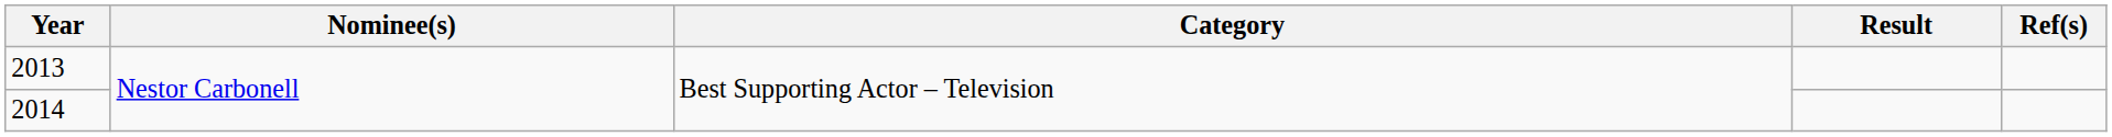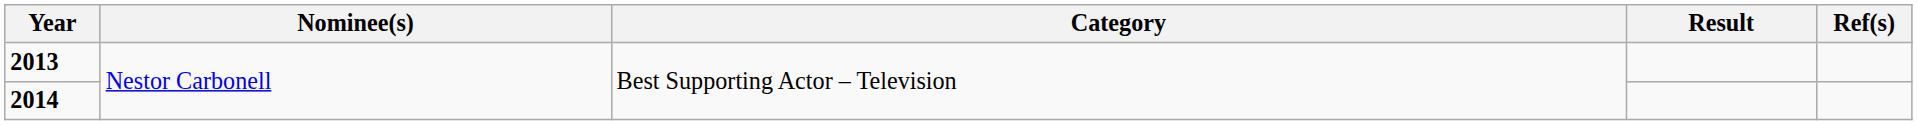 <table class="wikitable" width=100%>
 <tr>
 <th width=5%>Year</th>
 <th>Nominee(s)</th>
 <th>Category</th>
 <th width=10%>Result</th>
 <th width=5%>Ref(s)</th>
 </tr>
 <tr>
-<td>2013</td>
+<td><strong>2013</strong></td>
 <td rowspan=2><a href='#'>Nestor Carbonell</a></td>
 <td rowspan=2>Best Supporting Actor – Television</td>
 <td></td>
 <td></td>
 </tr>
 <tr>
-<td>2014</td>
+<td><strong>2014</strong></td>
 <td></td>
 <td></td>
 </tr>
 </table>
